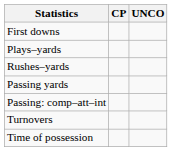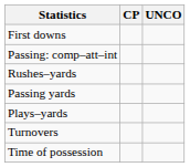 <table class="wikitable" style="float:left">
 <tr>
 <th>Statistics</th>
 <th>CP</th>
 <th>UNCO</th>
 </tr>
 <tr>
 <td>First downs</td>
 <td></td>
 <td></td>
 </tr>
 <tr>
-<td>Plays–yards</td>
+<td>Passing: comp–att–int</td>
 <td></td>
 <td></td>
 </tr>
 <tr>
 <td>Rushes–yards</td>
 <td></td>
 <td></td>
 </tr>
 <tr>
 <td>Passing yards</td>
 <td></td>
 <td></td>
 </tr>
 <tr>
-<td>Passing: comp–att–int</td>
+<td>Plays–yards</td>
 <td></td>
 <td></td>
 </tr>
 <tr>
 <td>Turnovers</td>
 <td></td>
 <td></td>
 </tr>
 <tr>
 <td>Time of possession</td>
 <td></td>
 <td></td>
 </tr>
 </table>
